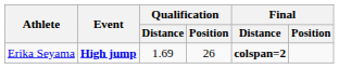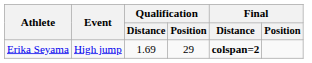 <table class=wikitable style=font-size:90%>
 <tr>
 <th rowspan=2>Athlete</th>
 <th rowspan=2>Event</th>
 <th colspan=2>Qualification</th>
 <th colspan=2>Final</th>
 </tr>
 <tr style=font-size:95%>
 <th>Distance</th>
 <th>Position</th>
 <th>Distance</th>
 <th>Position</th>
 </tr>
 <tr align=center>
 <td align=left><a href='#'>Erika Seyama</a></td>
-<td align=left><strong><a href='#'>High jump</a></strong></td>
+<td align=left><a href='#'>High jump</a></td>
 <td>1.69</td>
-<td>26</td>
+<td>29</td>
 <td><strong>colspan=2 </strong></td>
 </tr>
 </table>
